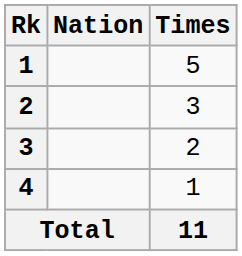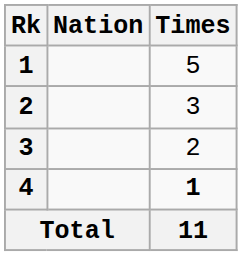 <table class="wikitable sortable" style="text-align: center;">
 <tr>
 <th>Rk</th>
 <th>Nation</th>
 <th>Times</th>
 </tr>
 <tr>
 <th>1</th>
 <td></td>
 <td>5</td>
 </tr>
 <tr>
 <th>2</th>
 <td></td>
 <td>3</td>
 </tr>
 <tr>
 <th>3</th>
 <td></td>
 <td>2</td>
 </tr>
 <tr>
 <th>4</th>
 <td></td>
-<td>1</td>
+<td><strong>1</strong></td>
 </tr>
 <tr class="sortbottom">
 <th colspan="2">Total</th>
 <th>11</th>
 </tr>
 </table>
